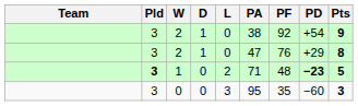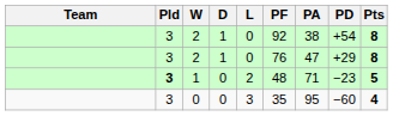 <table class="wikitable" style="text-align:center;">
 <tr>
 <th width=175>Team</th>
 <th width=25 abbr="Played">Pld</th>
 <th width=25 abbr="Won">W</th>
 <th width=25 abbr="Drawn">D</th>
 <th width=25 abbr="Lost">L</th>
+<th width=32 abbr="Points for">PF</th>
 <th width=32 abbr="Points against">PA</th>
-<th width=32 abbr="Points for">PF</th>
 <th width=32 abbr="Points difference">PD</th>
 <th width=25 abbr="Points">Pts</th>
 </tr>
 <tr bgcolor=ccffcc>
 <td align=left></td>
 <td>3</td>
 <td>2</td>
 <td>1</td>
 <td>0</td>
+<td>92</td>
 <td>38</td>
-<td>92</td>
 <td>+54</td>
-<td><strong>9</strong></td>
+<td><strong>8</strong></td>
 </tr>
 <tr bgcolor=ccffcc>
 <td align=left></td>
 <td>3</td>
 <td>2</td>
 <td>1</td>
 <td>0</td>
+<td>76</td>
 <td>47</td>
-<td>76</td>
 <td>+29</td>
 <td><strong>8</strong></td>
 </tr>
 <tr bgcolor=ccffcc>
 <td align=left></td>
 <td><strong>3</strong></td>
 <td>1</td>
 <td>0</td>
 <td>2</td>
+<td>48</td>
 <td>71</td>
-<td>48</td>
-<td><strong>−23</strong></td>
+<td>−23</td>
 <td><strong>5</strong></td>
 </tr>
 <tr>
 <td align=left></td>
 <td>3</td>
 <td>0</td>
 <td>0</td>
 <td>3</td>
+<td>35</td>
 <td>95</td>
-<td>35</td>
 <td>−60</td>
-<td><strong>3</strong></td>
+<td><strong>4</strong></td>
 </tr>
 </table>
